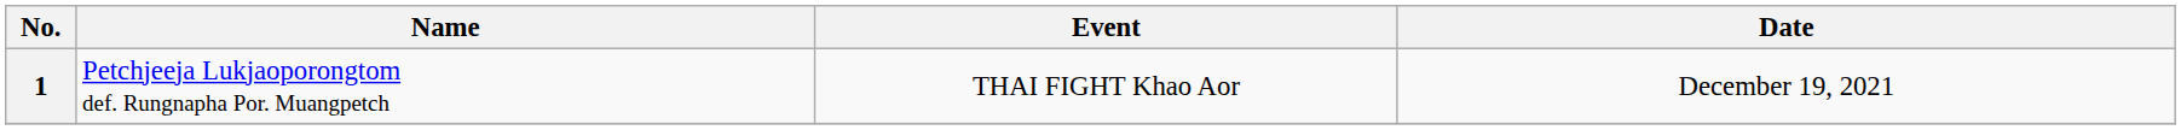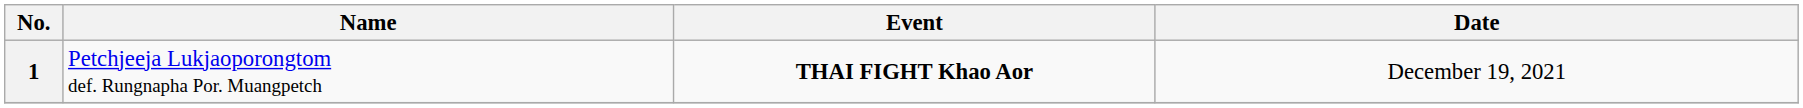 <table class="wikitable" width=100%>
 <tr>
 <th width=1%>No.</th>
 <th width=19%>Name</th>
 <th width=15%>Event</th>
 <th width=20%>Date</th>
 </tr>
 <tr>
 <th>1</th>
 <td align=left> <a href='#'>Petchjeeja Lukjaoporongtom</a> <br><small>def. Rungnapha Por. Muangpetch</small></td>
-<td align=center>THAI FIGHT Khao Aor<br></td>
+<td align=center><strong>THAI FIGHT Khao Aor<br></strong></td>
 <td align=center>December 19, 2021</td>
 </tr>
 <tr>
 </tr>
 </table>
